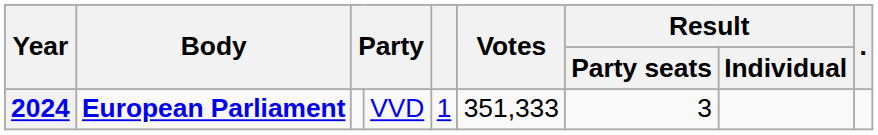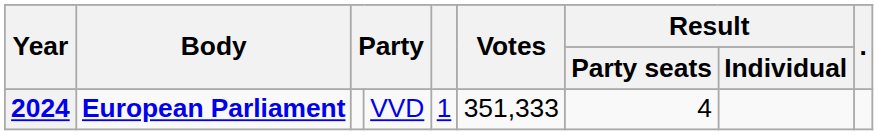 <table class="wikitable plainrowheaders sortable" border=2 cellpadding=4 cellspacing=0 style="border: 1px #aaa solid; font-size: 90%; text-align:center;">
 <tr>
 <th scope="col" rowspan=2>Year</th>
 <th scope="col" rowspan=2>Body</th>
 <th scope="col" colspan=2 rowspan=2>Party</th>
 <th scope="col" rowspan=2></th>
 <th scope="col" rowspan=2>Votes</th>
 <th scope="colgroup" colspan=2>Result</th>
 <th scope="col" rowspan=2>.</th>
 </tr>
 <tr>
 <th scope="col">Party seats</th>
 <th scope="col">Individual</th>
 </tr>
 <tr>
 <th scope="row"><a href='#'>2024</a></th>
 <td><strong><a href='#'>European Parliament</a></strong></td>
 <td style="background-color:"></td>
 <td><a href='#'>VVD</a></td>
 <td style=text-align:right><a href='#'>1</a></td>
 <td style=text-align:right>351,333</td>
-<td style=text-align:right>3</td>
+<td style=text-align:right>4</td>
 <td></td>
 <td></td>
 </tr>
 </table>
